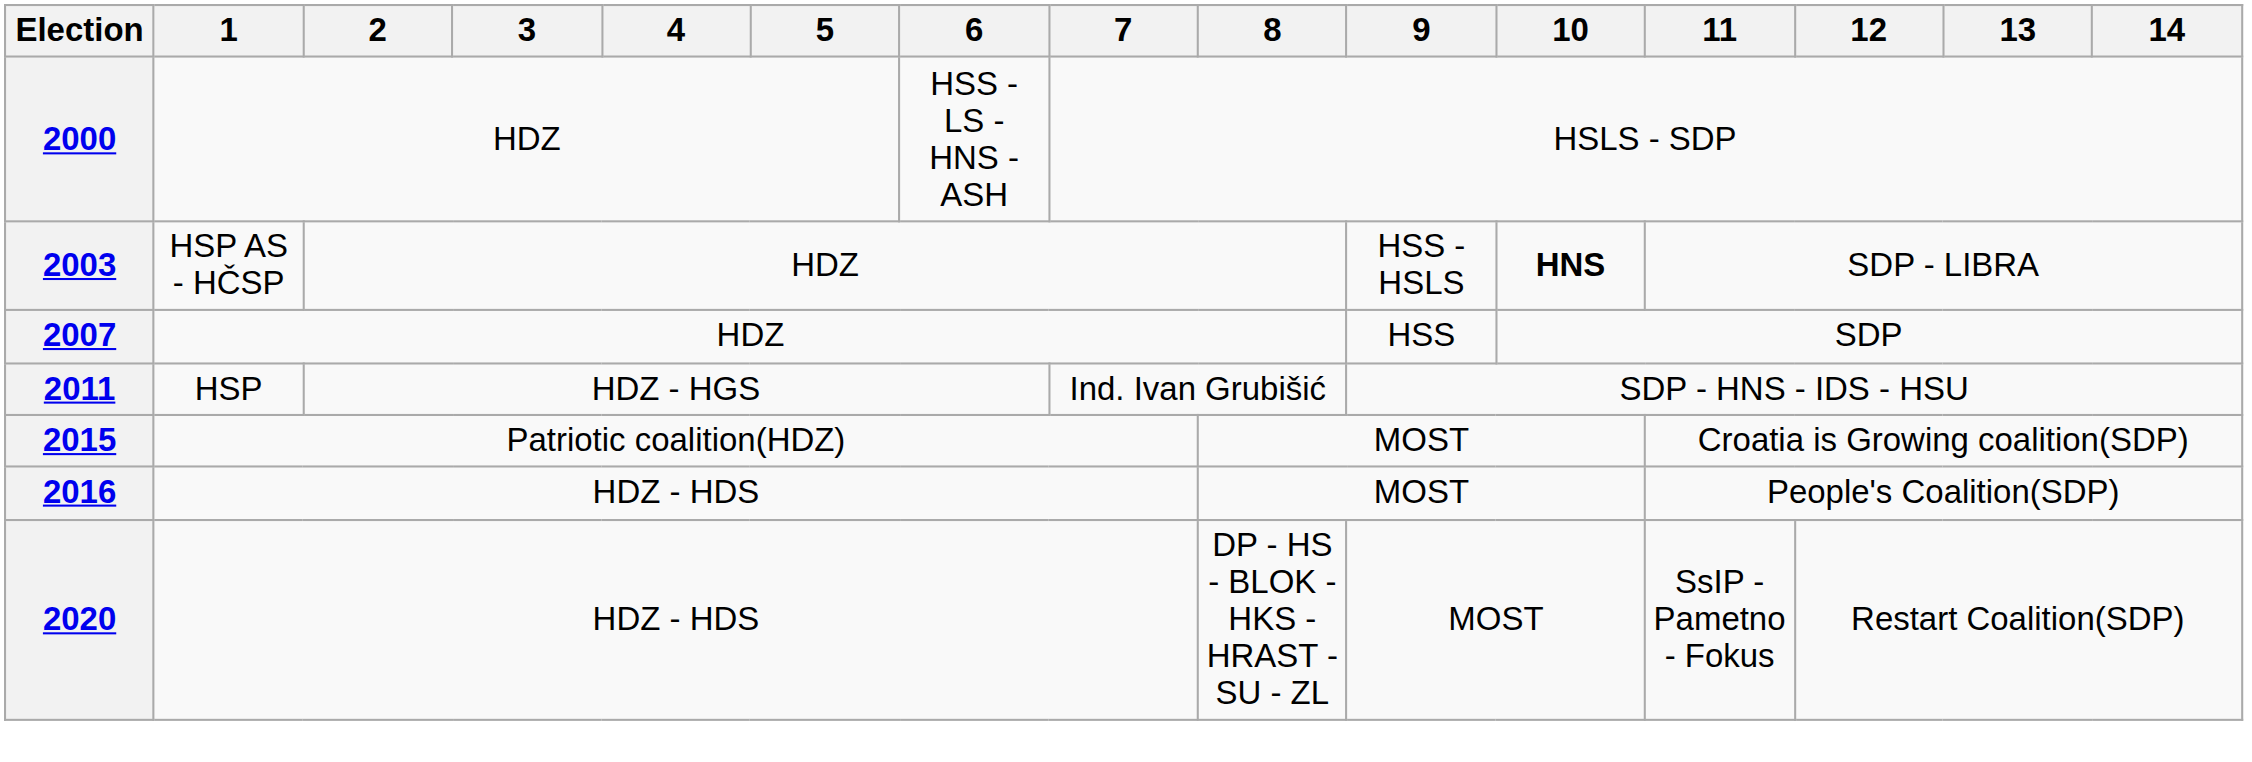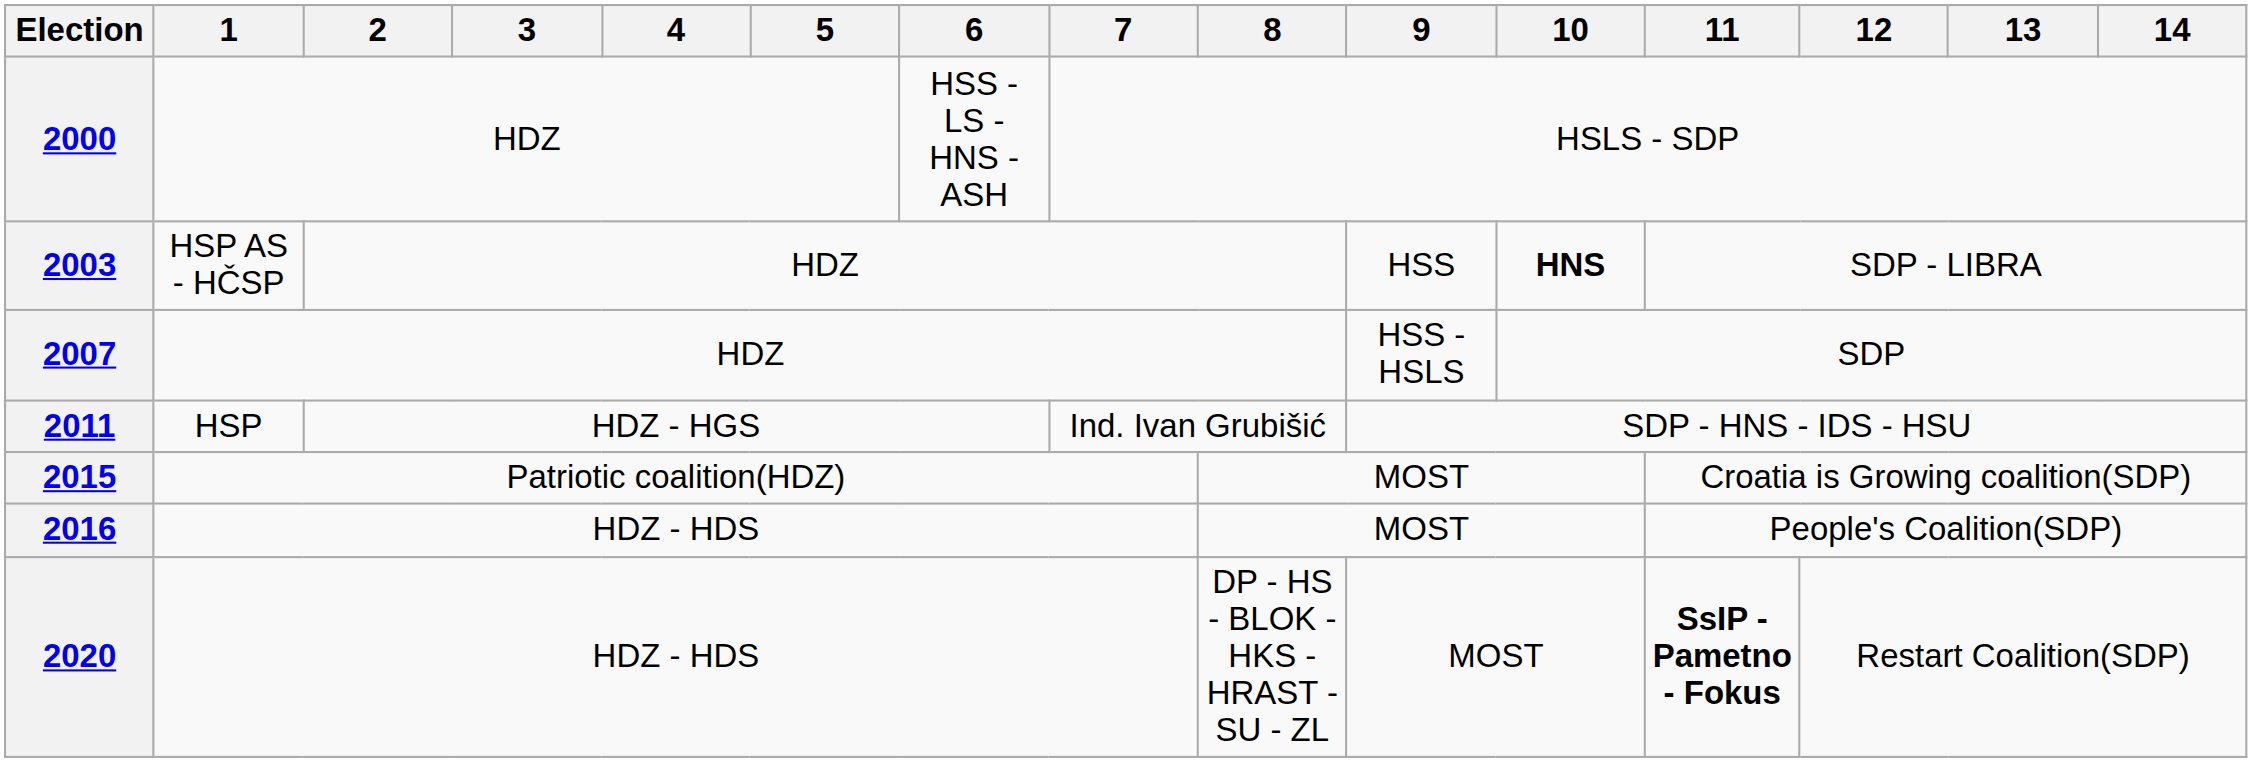 <table class=wikitable style="text-align: center;">
 <tr>
 <th style="width: 65px;">Election</th>
 <th style="width: 65px;">1</th>
 <th style="width: 65px;">2</th>
 <th style="width: 65px;">3</th>
 <th style="width: 65px;">4</th>
 <th style="width: 65px;">5</th>
 <th style="width: 65px;">6</th>
 <th style="width: 65px;">7</th>
 <th style="width: 65px;">8</th>
 <th style="width: 65px;">9</th>
 <th style="width: 65px;">10</th>
 <th style="width: 65px;">11</th>
 <th style="width: 65px;">12</th>
 <th style="width: 65px;">13</th>
 <th style="width: 65px;">14</th>
 </tr>
 <tr>
 <th><a href='#'>2000</a></th>
 <td colspan=5 style="background:">HDZ</td>
 <td style="background:">HSS - LS - HNS - ASH</td>
 <td colspan=8 style="background:">HSLS - SDP</td>
 </tr>
 <tr>
 <th><a href='#'>2003</a></th>
 <td style="background:">HSP AS - HČSP</td>
 <td colspan=7 style="background:">HDZ</td>
-<td style="background:">HSS - HSLS</td>
+<td style="background:">HSS</td>
 <td style="background:"><strong>HNS</strong></td>
 <td colspan=4 style="background:">SDP - LIBRA</td>
 </tr>
 <tr>
 <th><a href='#'>2007</a></th>
 <td colspan=8 style="background:">HDZ</td>
-<td style="background:">HSS</td>
+<td style="background:">HSS - HSLS</td>
 <td colspan=5 style="background:">SDP</td>
 </tr>
 <tr>
 <th><a href='#'>2011</a></th>
 <td style="background:">HSP</td>
 <td colspan=5 style="background:">HDZ - HGS</td>
 <td colspan=2 style="background:">Ind. Ivan Grubišić</td>
 <td colspan=6 style="background:">SDP - HNS - IDS - HSU</td>
 </tr>
 <tr>
 <th><a href='#'>2015</a></th>
 <td colspan=7 style="background:">Patriotic coalition(HDZ)</td>
 <td colspan=3 style="background:">MOST</td>
 <td colspan=4 style="background:">Croatia is Growing coalition(SDP)</td>
 </tr>
 <tr>
 <th><a href='#'>2016</a></th>
 <td colspan=7 style="background:">HDZ - HDS</td>
 <td colspan=3 style="background:">MOST</td>
 <td colspan=4 style="background:">People's Coalition(SDP)</td>
 </tr>
 <tr>
 <th><a href='#'>2020</a></th>
 <td colspan=7 style="background:">HDZ - HDS</td>
 <td style="background:">DP - HS - BLOK - HKS - HRAST - SU - ZL</td>
 <td colspan=2 style="background:">MOST</td>
-<td style="background:">SsIP - Pametno - Fokus</td>
+<td style="background:"><strong>SsIP - Pametno - Fokus</strong></td>
 <td colspan=3 style="background:">Restart Coalition(SDP)</td>
 </tr>
 </table>
